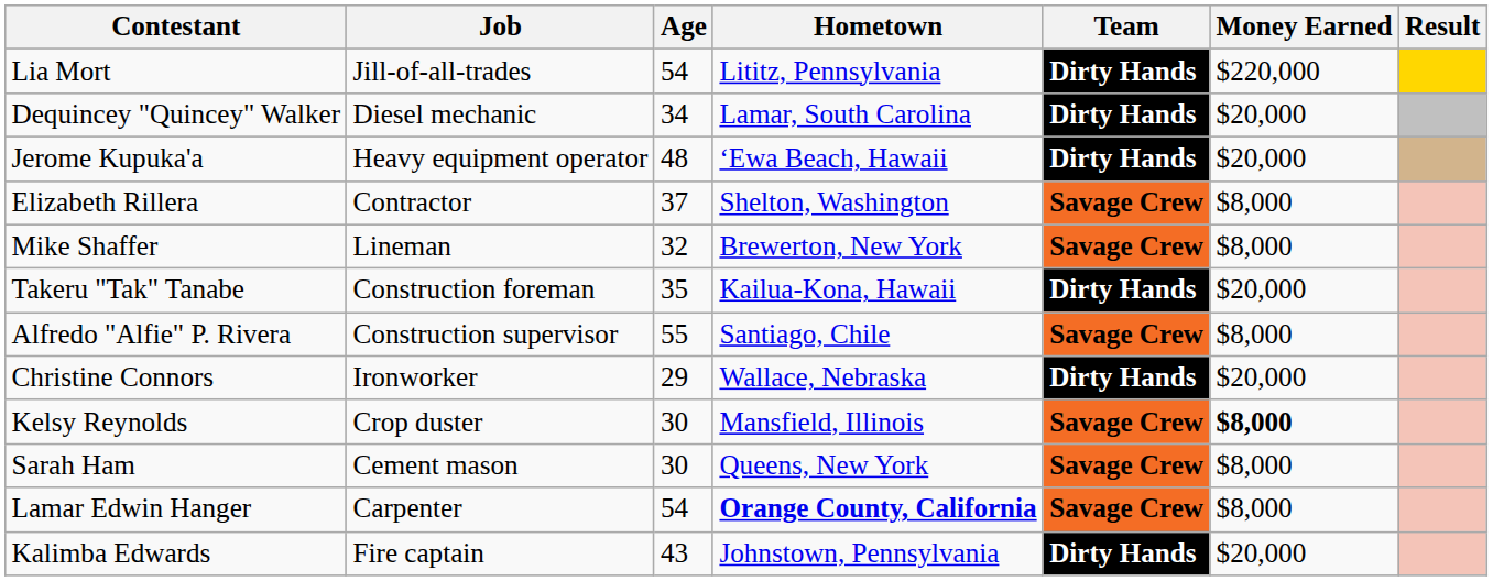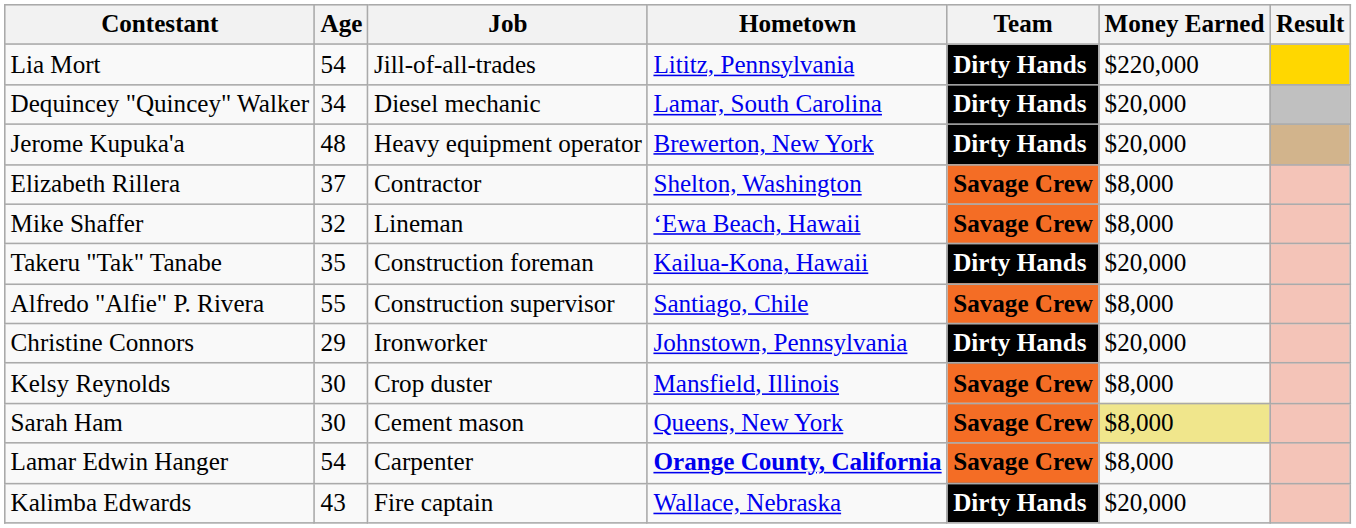 <table class="wikitable sortable">
 <tr>
 <th>Contestant</th>
+<th>Age</th>
 <th>Job</th>
-<th>Age</th>
 <th>Hometown</th>
 <th>Team</th>
 <th>Money Earned</th>
 <th>Result</th>
 </tr>
 <tr>
 <td>Lia Mort</td>
+<td>54</td>
 <td>Jill-of-all-trades</td>
-<td>54</td>
 <td><a href='#'>Lititz, Pennsylvania</a></td>
 <td style="background:#000000; color:#fff;"><strong>Dirty Hands</strong></td>
 <td>$220,000</td>
 <td style="background:gold; text'align:center;"></td>
 </tr>
 <tr>
 <td>Dequincey "Quincey" Walker</td>
+<td>34</td>
 <td>Diesel mechanic</td>
-<td>34</td>
 <td><a href='#'>Lamar, South Carolina</a></td>
 <td style="background:#000000; color:#fff;"><strong>Dirty Hands</strong></td>
 <td>$20,000</td>
 <td style="background:silver; text'align:center;"></td>
 </tr>
 <tr>
 <td>Jerome Kupuka'a</td>
+<td>48</td>
 <td>Heavy equipment operator</td>
-<td>48</td>
-<td><a href='#'>ʻEwa Beach, Hawaii</a></td>
+<td><a href='#'>Brewerton, New York</a></td>
 <td style="background:#000000; color:#fff;"><strong>Dirty Hands</strong></td>
 <td>$20,000</td>
 <td style="background:tan; text'align:center;"></td>
 </tr>
 <tr>
 <td>Elizabeth Rillera</td>
+<td>37</td>
 <td>Contractor</td>
-<td>37</td>
 <td><a href='#'>Shelton, Washington</a></td>
 <td style="background:#F46D25; color:#000000;"><strong>Savage Crew</strong></td>
 <td>$8,000</td>
 <td style="background:#f4c4b8; text'align:center;"></td>
 </tr>
 <tr>
 <td>Mike Shaffer</td>
+<td>32</td>
 <td>Lineman</td>
-<td>32</td>
-<td><a href='#'>Brewerton, New York</a></td>
+<td><a href='#'>ʻEwa Beach, Hawaii</a></td>
 <td style="background:#F46D25; color:#000000;"><strong>Savage Crew</strong></td>
 <td>$8,000</td>
 <td style="background:#f4c4b8; text'align:center;"></td>
 </tr>
 <tr>
 <td>Takeru "Tak" Tanabe</td>
+<td>35</td>
 <td>Construction foreman</td>
-<td>35</td>
 <td><a href='#'>Kailua-Kona, Hawaii</a></td>
 <td style="background:#000000; color:#fff;"><strong>Dirty Hands</strong></td>
 <td>$20,000</td>
 <td style="background:#f4c4b8; text'align:center;"></td>
 </tr>
 <tr>
 <td>Alfredo "Alfie" P. Rivera</td>
+<td>55</td>
 <td>Construction supervisor</td>
-<td>55</td>
 <td><a href='#'>Santiago, Chile</a></td>
 <td style="background:#F46D25; color:#000000;"><strong>Savage Crew</strong></td>
 <td>$8,000</td>
 <td style="background:#f4c4b8; text'align:center;"></td>
 </tr>
 <tr>
 <td>Christine Connors</td>
+<td>29</td>
 <td>Ironworker</td>
-<td>29</td>
-<td><a href='#'>Wallace, Nebraska</a></td>
+<td><a href='#'>Johnstown, Pennsylvania</a></td>
 <td style="background:#000000; color:#fff;"><strong>Dirty Hands</strong></td>
 <td>$20,000</td>
 <td style="background:#f4c4b8; text'align:center;"></td>
 </tr>
 <tr>
 <td>Kelsy Reynolds</td>
+<td>30</td>
 <td>Crop duster</td>
-<td>30</td>
 <td><a href='#'>Mansfield, Illinois</a></td>
-<td style="background:#F46D25; color:#000000;"><strong>Savage Crew</strong></td>
-<td><strong>$8,000</strong></td>
-<td style="background:#f4c4b8; text'align:center;"></td>
-</tr>
-<tr>
-<td>Sarah Ham</td>
-<td>Cement mason</td>
-<td>30</td>
-<td><a href='#'>Queens, New York</a></td>
 <td style="background:#F46D25; color:#000000;"><strong>Savage Crew</strong></td>
 <td>$8,000</td>
 <td style="background:#f4c4b8; text'align:center;"></td>
 </tr>
 <tr>
+<td>Sarah Ham</td>
+<td>30</td>
+<td>Cement mason</td>
+<td><a href='#'>Queens, New York</a></td>
+<td style="background:#F46D25; color:#000000;"><strong>Savage Crew</strong></td>
+<td style="background: khaki;">$8,000</td>
+<td style="background:#f4c4b8; text'align:center;"></td>
+</tr>
+<tr>
 <td>Lamar Edwin Hanger</td>
+<td>54</td>
 <td>Carpenter</td>
-<td>54</td>
 <td><strong><a href='#'>Orange County, California</a></strong></td>
 <td style="background:#F46D25; color:#000000;"><strong>Savage Crew</strong></td>
 <td>$8,000</td>
 <td style="background:#f4c4b8; text'align:center;"></td>
 </tr>
 <tr>
 <td>Kalimba Edwards</td>
+<td>43</td>
 <td>Fire captain</td>
-<td>43</td>
-<td><a href='#'>Johnstown, Pennsylvania</a></td>
+<td><a href='#'>Wallace, Nebraska</a></td>
 <td style="background:#000000; color:#fff;"><strong>Dirty Hands</strong></td>
 <td>$20,000</td>
 <td style="background:#f4c4b8; text'align:center;"></td>
 </tr>
 </table>
